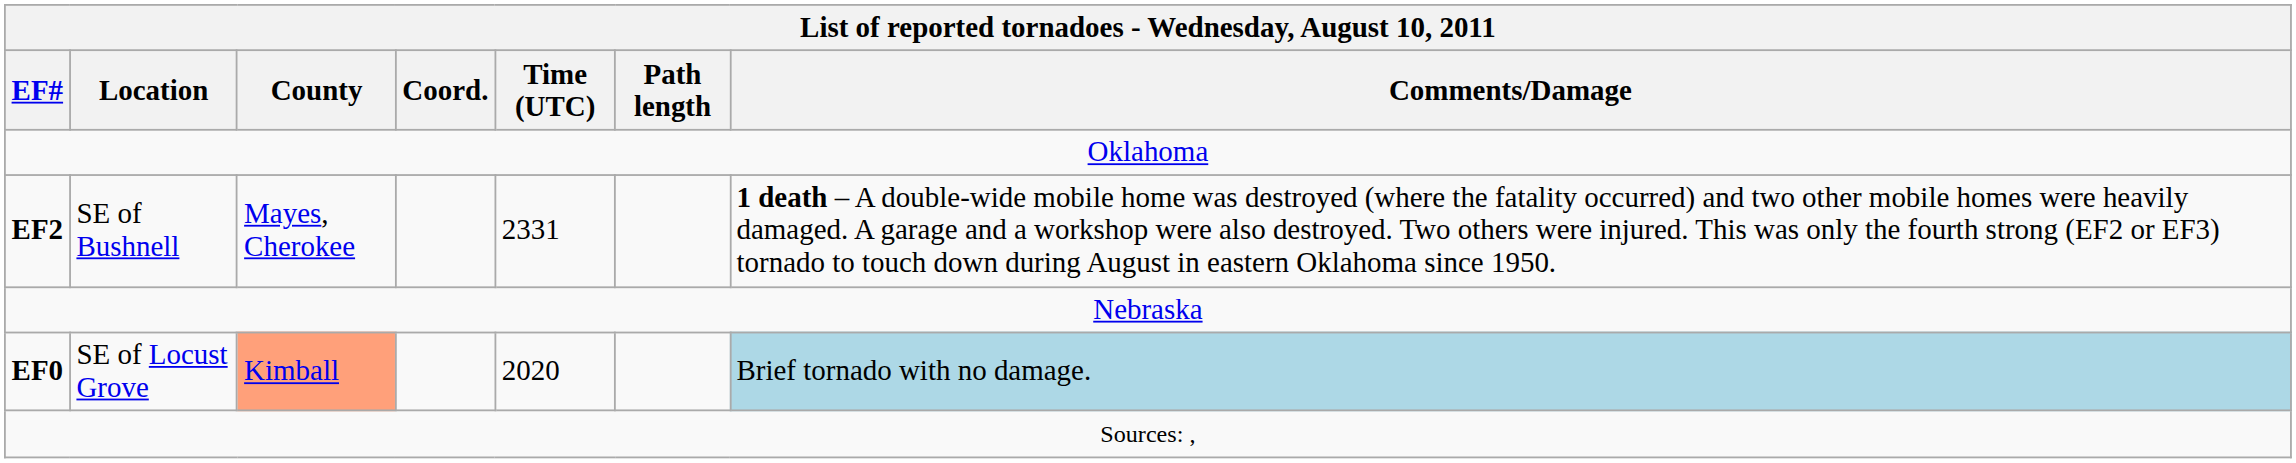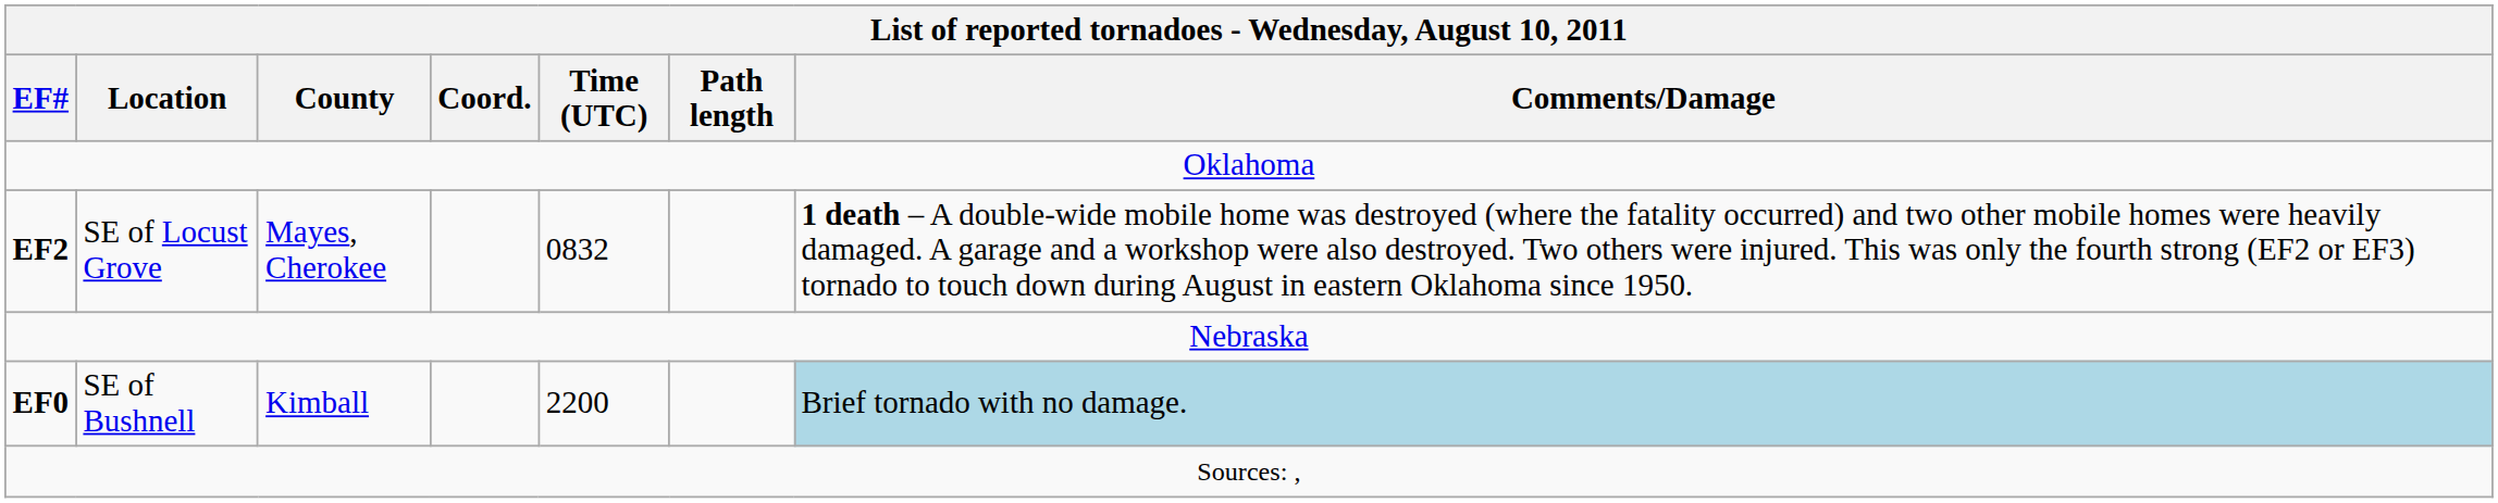 <table class="wikitable collapsible" width="100%">
 <tr>
 <th colspan="7">List of reported tornadoes - Wednesday, August 10, 2011</th>
 </tr>
 <tr>
 <th><a href='#'>EF#</a></th>
 <th>Location</th>
 <th>County</th>
 <th>Coord.</th>
 <th>Time (UTC)</th>
 <th>Path length</th>
 <th>Comments/Damage</th>
 </tr>
 <tr>
 <td colspan="7" align=center><a href='#'>Oklahoma</a></td>
 </tr>
 <tr>
 <td><strong>EF2</strong></td>
-<td>SE of <a href='#'>Bushnell</a></td>
+<td>SE of <a href='#'>Locust Grove</a></td>
 <td><a href='#'>Mayes</a>, <a href='#'>Cherokee</a></td>
 <td></td>
-<td>2331</td>
+<td>0832</td>
 <td></td>
 <td><strong>1 death</strong> – A double-wide mobile home was destroyed (where the fatality occurred) and two other mobile homes were heavily damaged. A garage and a workshop were also destroyed. Two others were injured. This was only the fourth strong (EF2 or EF3) tornado to touch down during August in eastern Oklahoma since 1950.</td>
 </tr>
 <tr>
 <td colspan="7" align=center><a href='#'>Nebraska</a></td>
 </tr>
 <tr>
 <td><strong>EF0</strong></td>
-<td>SE of <a href='#'>Locust Grove</a></td>
-<td style="background: lightsalmon;"><a href='#'>Kimball</a></td>
+<td>SE of <a href='#'>Bushnell</a></td>
+<td><a href='#'>Kimball</a></td>
 <td></td>
-<td>2020</td>
+<td>2200</td>
 <td></td>
 <td style="background: lightblue;">Brief tornado with no damage.</td>
 </tr>
 <tr>
 <td colspan="7" align=center><small>Sources: , </small></td>
 </tr>
 </table>
